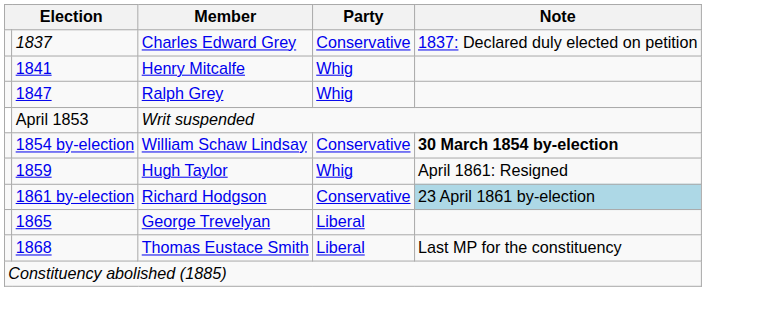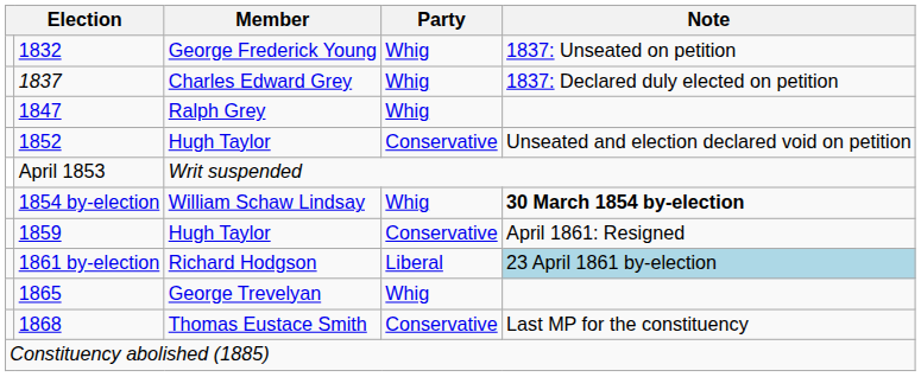 <table class="wikitable">
 <tr>
 <th colspan=2>Election</th>
 <th>Member</th>
 <th>Party</th>
 <th>Note</th>
 </tr>
 <tr>
 <td style="color:inherit;background-color: "></td>
-<td><em>1837</em></td>
-<td><a href='#'>Charles Edward Grey</a></td>
-<td><a href='#'>Conservative</a></td>
-<td><a href='#'>1837:</a> Declared duly elected on petition</td>
+<td><a href='#'>1832</a></td>
+<td><a href='#'>George Frederick Young</a></td>
+<td><a href='#'>Whig</a></td>
+<td><a href='#'>1837:</a> Unseated on petition</td>
 </tr>
 <tr>
 <td style="color:inherit;background-color: "></td>
-<td><a href='#'>1841</a></td>
-<td><a href='#'>Henry Mitcalfe</a></td>
+<td><em>1837</em></td>
+<td><a href='#'>Charles Edward Grey</a></td>
 <td><a href='#'>Whig</a></td>
-<td></td>
+<td><a href='#'>1837:</a> Declared duly elected on petition</td>
 </tr>
 <tr>
 <td style="color:inherit;background-color: "></td>
 <td><a href='#'>1847</a></td>
 <td><a href='#'>Ralph Grey</a></td>
 <td><a href='#'>Whig</a></td>
 <td></td>
+</tr>
+<tr>
+<td style="color:inherit;background-color: "></td>
+<td><a href='#'>1852</a></td>
+<td><a href='#'>Hugh Taylor</a></td>
+<td><a href='#'>Conservative</a></td>
+<td>Unseated and election declared void on petition</td>
 </tr>
 <tr>
 <td style="color:inherit;background-color: white"></td>
 <td>April 1853</td>
 <td colspan="3"><em>Writ suspended</em></td>
 </tr>
 <tr>
 <td style="color:inherit;background-color: "></td>
 <td><a href='#'>1854 by-election</a></td>
 <td><a href='#'>William Schaw Lindsay</a></td>
-<td><a href='#'>Conservative</a></td>
+<td><a href='#'>Whig</a></td>
 <td><strong>30 March 1854 by-election</strong></td>
 </tr>
 <tr>
 <td style="color:inherit;background-color: "></td>
 <td><a href='#'>1859</a></td>
 <td><a href='#'>Hugh Taylor</a></td>
-<td><a href='#'>Whig</a></td>
+<td><a href='#'>Conservative</a></td>
 <td>April 1861: Resigned</td>
 </tr>
 <tr>
 <td style="color:inherit;background-color: "></td>
 <td><a href='#'>1861 by-election</a></td>
 <td><a href='#'>Richard Hodgson</a></td>
-<td><a href='#'>Conservative</a></td>
+<td><a href='#'>Liberal</a></td>
 <td style="background: lightblue;">23 April 1861 by-election</td>
 </tr>
 <tr>
 <td style="color:inherit;background-color: "></td>
 <td><a href='#'>1865</a></td>
 <td><a href='#'>George Trevelyan</a></td>
-<td><a href='#'>Liberal</a></td>
+<td><a href='#'>Whig</a></td>
 <td></td>
 </tr>
 <tr>
 <td style="color:inherit;background-color: "></td>
 <td><a href='#'>1868</a></td>
 <td><a href='#'>Thomas Eustace Smith</a></td>
-<td><a href='#'>Liberal</a></td>
+<td><a href='#'>Conservative</a></td>
 <td>Last MP for the constituency</td>
 </tr>
 <tr>
 <td colspan="5"><em>Constituency abolished (1885)</em></td>
 </tr>
 </table>
